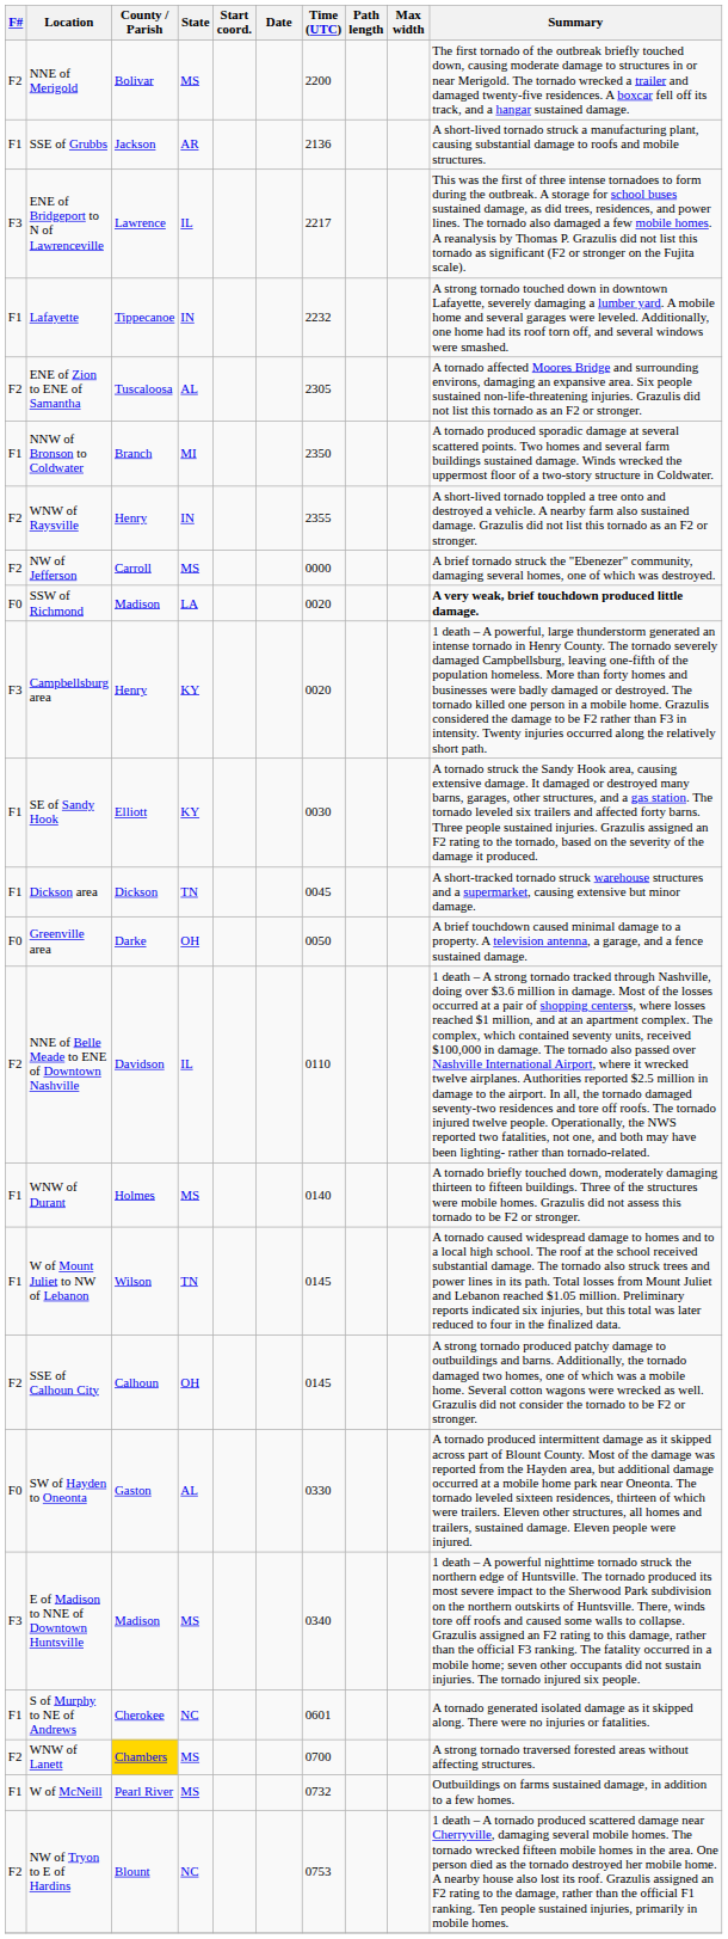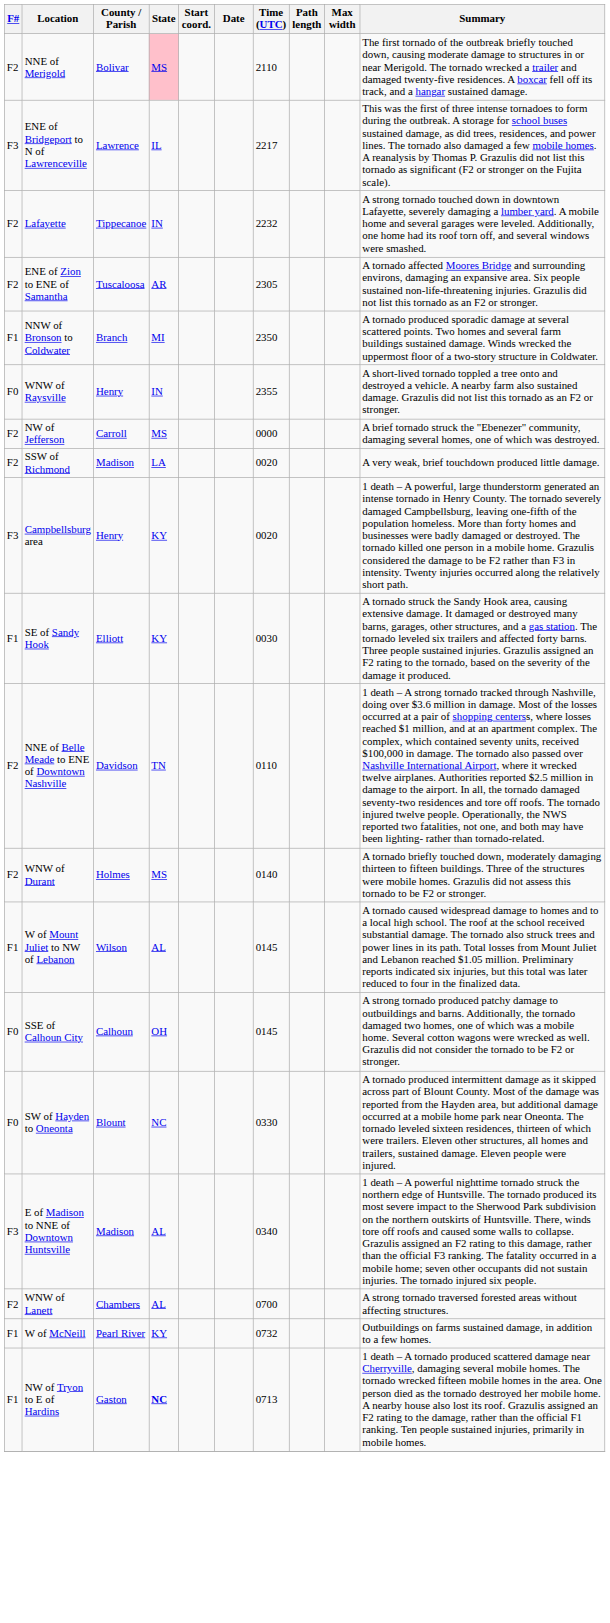 <table class="wikitable sortable" style="width:100%;">
 <tr>
 <th scope="col"  style="width:3%; text-align:center;"><a href='#'>F#</a></th>
 <th scope="col"  style="width:7%; text-align:center;" class="unsortable">Location</th>
 <th scope="col"  style="width:6%; text-align:center;" class="unsortable">County / Parish</th>
 <th scope="col"  style="width:5%; text-align:center;">State</th>
 <th scope="col"  style="width:6%; text-align:center;">Start<br>coord.</th>
 <th scope="col"  style="width:7%; text-align:center;">Date</th>
 <th scope="col"  style="width:6%; text-align:center;">Time (<a href='#'>UTC</a>)</th>
 <th scope="col"  style="width:6%; text-align:center;">Path length</th>
 <th scope="col"  style="width:6%; text-align:center;">Max width</th>
 <th scope="col" class="unsortable" style="width:48%; text-align:center;">Summary</th>
 </tr>
 <tr>
 <td>F2</td>
 <td>NNE of <a href='#'>Merigold</a></td>
 <td><a href='#'>Bolivar</a></td>
-<td><a href='#'>MS</a></td>
+<td style="background: pink;"><a href='#'>MS</a></td>
 <td></td>
 <td></td>
-<td>2200</td>
+<td>2110</td>
 <td></td>
 <td></td>
 <td>The first tornado of the outbreak briefly touched down, causing moderate damage to structures in or near Merigold. The tornado wrecked a <a href='#'>trailer</a> and damaged twenty-five residences. A <a href='#'>boxcar</a> fell off its track, and a <a href='#'>hangar</a> sustained damage.</td>
-</tr>
-<tr>
-<td>F1</td>
-<td>SSE of <a href='#'>Grubbs</a></td>
-<td><a href='#'>Jackson</a></td>
-<td><a href='#'>AR</a></td>
-<td></td>
-<td></td>
-<td>2136</td>
-<td></td>
-<td></td>
-<td>A short-lived tornado struck a manufacturing plant, causing substantial damage to roofs and mobile structures.</td>
 </tr>
 <tr>
 <td>F3</td>
 <td>ENE of <a href='#'>Bridgeport</a> to N of <a href='#'>Lawrenceville</a></td>
 <td><a href='#'>Lawrence</a></td>
 <td><a href='#'>IL</a></td>
 <td></td>
 <td></td>
 <td>2217</td>
 <td></td>
 <td></td>
 <td>This was the first of three intense tornadoes to form during the outbreak. A storage for <a href='#'>school buses</a> sustained damage, as did trees, residences, and power lines. The tornado also damaged a few <a href='#'>mobile homes</a>. A reanalysis by Thomas P. Grazulis did not list this tornado as significant (F2 or stronger on the Fujita scale).</td>
 </tr>
 <tr>
-<td>F1</td>
+<td>F2</td>
 <td><a href='#'>Lafayette</a></td>
 <td><a href='#'>Tippecanoe</a></td>
 <td><a href='#'>IN</a></td>
 <td></td>
 <td></td>
 <td>2232</td>
 <td></td>
 <td></td>
 <td>A strong tornado touched down in downtown Lafayette, severely damaging a <a href='#'>lumber yard</a>. A mobile home and several garages were leveled. Additionally, one home had its roof torn off, and several windows were smashed.</td>
 </tr>
 <tr>
 <td>F2</td>
 <td>ENE of <a href='#'>Zion</a> to ENE of <a href='#'>Samantha</a></td>
 <td><a href='#'>Tuscaloosa</a></td>
-<td><a href='#'>AL</a></td>
+<td><a href='#'>AR</a></td>
 <td></td>
 <td></td>
 <td>2305</td>
 <td></td>
 <td></td>
 <td>A tornado affected <a href='#'>Moores Bridge</a> and surrounding environs, damaging an expansive area. Six people sustained non-life-threatening injuries. Grazulis did not list this tornado as an F2 or stronger.</td>
 </tr>
 <tr>
 <td>F1</td>
 <td>NNW of <a href='#'>Bronson</a> to <a href='#'>Coldwater</a></td>
 <td><a href='#'>Branch</a></td>
 <td><a href='#'>MI</a></td>
 <td></td>
 <td></td>
 <td>2350</td>
 <td></td>
 <td></td>
 <td>A tornado produced sporadic damage at several scattered points. Two homes and several farm buildings sustained damage. Winds wrecked the uppermost floor of a two-story structure in Coldwater.</td>
 </tr>
 <tr>
-<td>F2</td>
+<td>F0</td>
 <td>WNW of <a href='#'>Raysville</a></td>
 <td><a href='#'>Henry</a></td>
 <td><a href='#'>IN</a></td>
 <td></td>
 <td></td>
 <td>2355</td>
 <td></td>
 <td></td>
 <td>A short-lived tornado toppled a tree onto and destroyed a vehicle. A nearby farm also sustained damage. Grazulis did not list this tornado as an F2 or stronger.</td>
 </tr>
 <tr>
 <td>F2</td>
 <td>NW of <a href='#'>Jefferson</a></td>
 <td><a href='#'>Carroll</a></td>
 <td><a href='#'>MS</a></td>
 <td></td>
 <td></td>
 <td>0000</td>
 <td></td>
 <td></td>
 <td>A brief tornado struck the "Ebenezer" community, damaging several homes, one of which was destroyed.</td>
 </tr>
 <tr>
-<td>F0</td>
+<td>F2</td>
 <td>SSW of <a href='#'>Richmond</a></td>
 <td><a href='#'>Madison</a></td>
 <td><a href='#'>LA</a></td>
 <td></td>
 <td></td>
 <td>0020</td>
 <td></td>
 <td></td>
-<td><strong>A very weak, brief touchdown produced little damage.</strong></td>
+<td>A very weak, brief touchdown produced little damage.</td>
 </tr>
 <tr>
 <td>F3</td>
 <td><a href='#'>Campbellsburg</a> area</td>
 <td><a href='#'>Henry</a></td>
 <td><a href='#'>KY</a></td>
 <td></td>
 <td></td>
 <td>0020</td>
 <td></td>
 <td></td>
 <td>1 death – A powerful, large thunderstorm generated an intense tornado in Henry County. The tornado severely damaged Campbellsburg, leaving one-fifth of the population homeless. More than forty homes and businesses were badly damaged or destroyed. The tornado killed one person in a mobile home. Grazulis considered the damage to be F2 rather than F3 in intensity. Twenty injuries occurred along the relatively short path.</td>
 </tr>
 <tr>
 <td>F1</td>
 <td>SE of <a href='#'>Sandy Hook</a></td>
 <td><a href='#'>Elliott</a></td>
 <td><a href='#'>KY</a></td>
 <td></td>
 <td></td>
 <td>0030</td>
 <td></td>
 <td></td>
 <td>A tornado struck the Sandy Hook area, causing extensive damage. It damaged or destroyed many barns, garages, other structures, and a <a href='#'>gas station</a>. The tornado leveled six trailers and affected forty barns. Three people sustained injuries. Grazulis assigned an F2 rating to the tornado, based on the severity of the damage it produced.</td>
 </tr>
 <tr>
-<td>F1</td>
-<td><a href='#'>Dickson</a> area</td>
-<td><a href='#'>Dickson</a></td>
-<td><a href='#'>TN</a></td>
-<td></td>
-<td></td>
-<td>0045</td>
-<td></td>
-<td></td>
-<td>A short-tracked tornado struck <a href='#'>warehouse</a> structures and a <a href='#'>supermarket</a>, causing extensive but minor damage.</td>
-</tr>
-<tr>
-<td>F0</td>
-<td><a href='#'>Greenville</a> area</td>
-<td><a href='#'>Darke</a></td>
-<td><a href='#'>OH</a></td>
-<td></td>
-<td></td>
-<td>0050</td>
-<td></td>
-<td></td>
-<td>A brief touchdown caused minimal damage to a property. A <a href='#'>television antenna</a>, a garage, and a fence sustained damage.</td>
-</tr>
-<tr>
 <td>F2</td>
 <td>NNE of <a href='#'>Belle Meade</a> to ENE of <a href='#'>Downtown Nashville</a></td>
 <td><a href='#'>Davidson</a></td>
-<td><a href='#'>IL</a></td>
+<td><a href='#'>TN</a></td>
 <td></td>
 <td></td>
 <td>0110</td>
 <td></td>
 <td></td>
 <td>1 death – A strong tornado tracked through Nashville, doing over $3.6 million in damage. Most of the losses occurred at a pair of <a href='#'>shopping centers</a>s, where losses reached $1 million, and at an apartment complex. The complex, which contained seventy units, received $100,000 in damage. The tornado also passed over <a href='#'>Nashville International Airport</a>, where it wrecked twelve airplanes. Authorities reported $2.5 million in damage to the airport. In all, the tornado damaged seventy-two residences and tore off roofs. The tornado injured twelve people. Operationally, the NWS reported two fatalities, not one, and both may have been lighting- rather than tornado-related.</td>
 </tr>
 <tr>
-<td>F1</td>
+<td>F2</td>
 <td>WNW of <a href='#'>Durant</a></td>
 <td><a href='#'>Holmes</a></td>
 <td><a href='#'>MS</a></td>
 <td></td>
 <td></td>
 <td>0140</td>
 <td></td>
 <td></td>
 <td>A tornado briefly touched down, moderately damaging thirteen to fifteen buildings. Three of the structures were mobile homes. Grazulis did not assess this tornado to be F2 or stronger.</td>
 </tr>
 <tr>
 <td>F1</td>
 <td>W of <a href='#'>Mount Juliet</a> to NW of <a href='#'>Lebanon</a></td>
 <td><a href='#'>Wilson</a></td>
-<td><a href='#'>TN</a></td>
+<td><a href='#'>AL</a></td>
 <td></td>
 <td></td>
 <td>0145</td>
 <td></td>
 <td></td>
 <td>A tornado caused widespread damage to homes and to a local high school. The roof at the school received substantial damage. The tornado also struck trees and power lines in its path. Total losses from Mount Juliet and Lebanon reached $1.05 million. Preliminary reports indicated six injuries, but this total was later reduced to four in the finalized data.</td>
 </tr>
 <tr>
-<td>F2</td>
+<td>F0</td>
 <td>SSE of <a href='#'>Calhoun City</a></td>
 <td><a href='#'>Calhoun</a></td>
 <td><a href='#'>OH</a></td>
 <td></td>
 <td></td>
 <td>0145</td>
 <td></td>
 <td></td>
 <td>A strong tornado produced patchy damage to outbuildings and barns. Additionally, the tornado damaged two homes, one of which was a mobile home. Several cotton wagons were wrecked as well. Grazulis did not consider the tornado to be F2 or stronger.</td>
 </tr>
 <tr>
 <td>F0</td>
 <td>SW of <a href='#'>Hayden</a> to <a href='#'>Oneonta</a></td>
-<td><a href='#'>Gaston</a></td>
-<td><a href='#'>AL</a></td>
+<td><a href='#'>Blount</a></td>
+<td><a href='#'>NC</a></td>
 <td></td>
 <td></td>
 <td>0330</td>
 <td></td>
 <td></td>
 <td>A tornado produced intermittent damage as it skipped across part of Blount County. Most of the damage was reported from the Hayden area, but additional damage occurred at a mobile home park near Oneonta. The tornado leveled sixteen residences, thirteen of which were trailers. Eleven other structures, all homes and trailers, sustained damage. Eleven people were injured.</td>
 </tr>
 <tr>
 <td>F3</td>
 <td>E of <a href='#'>Madison</a> to NNE of <a href='#'>Downtown Huntsville</a></td>
 <td><a href='#'>Madison</a></td>
-<td><a href='#'>MS</a></td>
+<td><a href='#'>AL</a></td>
 <td></td>
 <td></td>
 <td>0340</td>
 <td></td>
 <td></td>
 <td>1 death – A powerful nighttime tornado struck the northern edge of Huntsville. The tornado produced its most severe impact to the Sherwood Park subdivision on the northern outskirts of Huntsville. There, winds tore off roofs and caused some walls to collapse. Grazulis assigned an F2 rating to this damage, rather than the official F3 ranking. The fatality occurred in a mobile home; seven other occupants did not sustain injuries. The tornado injured six people.</td>
 </tr>
 <tr>
-<td>F1</td>
-<td>S of <a href='#'>Murphy</a> to NE of <a href='#'>Andrews</a></td>
-<td><a href='#'>Cherokee</a></td>
-<td><a href='#'>NC</a></td>
-<td></td>
-<td></td>
-<td>0601</td>
-<td></td>
-<td></td>
-<td>A tornado generated isolated damage as it skipped along. There were no injuries or fatalities.</td>
-</tr>
-<tr>
 <td>F2</td>
 <td>WNW of <a href='#'>Lanett</a></td>
-<td style="background: gold;"><a href='#'>Chambers</a></td>
-<td><a href='#'>MS</a></td>
+<td><a href='#'>Chambers</a></td>
+<td><a href='#'>AL</a></td>
 <td></td>
 <td></td>
 <td>0700</td>
 <td></td>
 <td></td>
 <td>A strong tornado traversed forested areas without affecting structures.</td>
 </tr>
 <tr>
 <td>F1</td>
 <td>W of <a href='#'>McNeill</a></td>
 <td><a href='#'>Pearl River</a></td>
-<td><a href='#'>MS</a></td>
+<td><a href='#'>KY</a></td>
 <td></td>
 <td></td>
 <td>0732</td>
 <td></td>
 <td></td>
 <td>Outbuildings on farms sustained damage, in addition to a few homes.</td>
 </tr>
 <tr>
-<td>F2</td>
+<td>F1</td>
 <td>NW of <a href='#'>Tryon</a> to E of <a href='#'>Hardins</a></td>
-<td><a href='#'>Blount</a></td>
-<td><a href='#'>NC</a></td>
+<td><a href='#'>Gaston</a></td>
+<td><strong><a href='#'>NC</a></strong></td>
 <td></td>
 <td></td>
-<td>0753</td>
+<td>0713</td>
 <td></td>
 <td></td>
 <td>1 death – A tornado produced scattered damage near <a href='#'>Cherryville</a>, damaging several mobile homes. The tornado wrecked fifteen mobile homes in the area. One person died as the tornado destroyed her mobile home. A nearby house also lost its roof. Grazulis assigned an F2 rating to the damage, rather than the official F1 ranking. Ten people sustained injuries, primarily in mobile homes.</td>
 </tr>
 <tr>
 </tr>
 </table>
